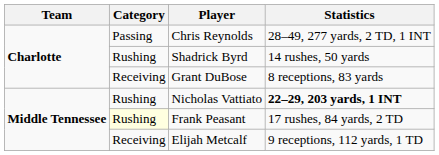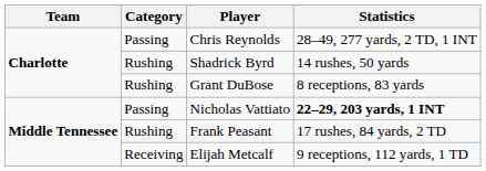 <table class="wikitable" style="float: left;">
 <tr>
 <th>Team</th>
 <th>Category</th>
 <th>Player</th>
 <th>Statistics</th>
 </tr>
 <tr>
 <td rowspan=3><strong>Charlotte</strong></td>
 <td>Passing</td>
 <td>Chris Reynolds</td>
 <td>28–49, 277 yards, 2 TD, 1 INT</td>
 </tr>
 <tr>
 <td>Rushing</td>
 <td>Shadrick Byrd</td>
 <td>14 rushes, 50 yards</td>
 </tr>
 <tr>
-<td>Receiving</td>
+<td>Rushing</td>
 <td>Grant DuBose</td>
 <td>8 receptions, 83 yards</td>
 </tr>
 <tr>
 <td rowspan=3><strong>Middle Tennessee</strong></td>
-<td>Rushing</td>
+<td>Passing</td>
 <td>Nicholas Vattiato</td>
 <td><strong>22–29, 203 yards, 1 INT</strong></td>
 </tr>
 <tr>
-<td style="background: lightyellow;">Rushing</td>
+<td>Rushing</td>
 <td>Frank Peasant</td>
 <td>17 rushes, 84 yards, 2 TD</td>
 </tr>
 <tr>
 <td>Receiving</td>
 <td>Elijah Metcalf</td>
 <td>9 receptions, 112 yards, 1 TD</td>
 </tr>
 </table>
